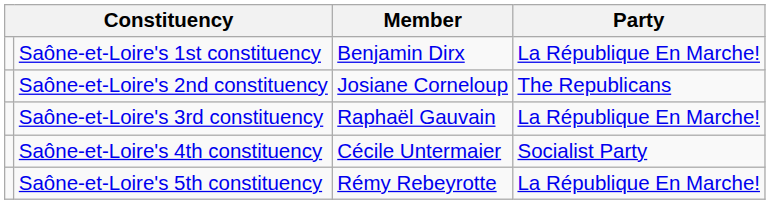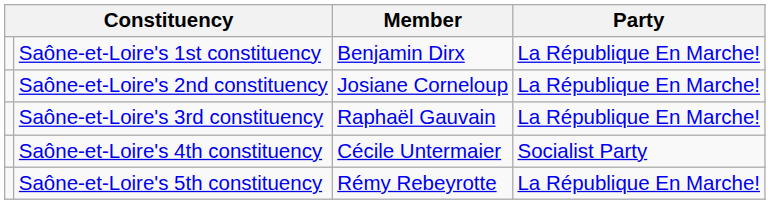 <table class="wikitable">
 <tr>
 <th colspan="2">Constituency</th>
 <th>Member</th>
 <th>Party</th>
 </tr>
 <tr>
 <td style="background-color: "></td>
 <td><a href='#'>Saône-et-Loire's 1st constituency</a></td>
 <td><a href='#'>Benjamin Dirx</a></td>
 <td><a href='#'>La République En Marche!</a></td>
 </tr>
 <tr>
 <td style="background-color: "></td>
 <td><a href='#'>Saône-et-Loire's 2nd constituency</a></td>
 <td><a href='#'>Josiane Corneloup</a></td>
-<td><a href='#'>The Republicans</a></td>
+<td><a href='#'>La République En Marche!</a></td>
 </tr>
 <tr>
 <td style="background-color: "></td>
 <td><a href='#'>Saône-et-Loire's 3rd constituency</a></td>
 <td><a href='#'>Raphaël Gauvain</a></td>
 <td><a href='#'>La République En Marche!</a></td>
 </tr>
 <tr>
 <td style="background-color: "></td>
 <td><a href='#'>Saône-et-Loire's 4th constituency</a></td>
 <td><a href='#'>Cécile Untermaier</a></td>
 <td><a href='#'>Socialist Party</a></td>
 </tr>
 <tr>
 <td style="background-color: "></td>
 <td><a href='#'>Saône-et-Loire's 5th constituency</a></td>
 <td><a href='#'>Rémy Rebeyrotte</a></td>
 <td><a href='#'>La République En Marche!</a></td>
 </tr>
 </table>
